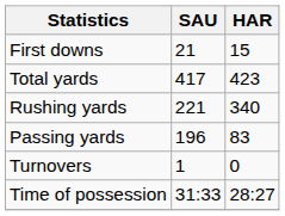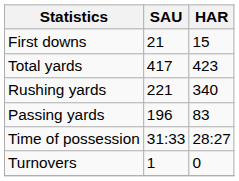 <table class="wikitable" style="float: left;">
 <tr>
 <th>Statistics</th>
 <th>SAU</th>
 <th>HAR</th>
 </tr>
 <tr>
 <td>First downs</td>
 <td>21</td>
 <td>15</td>
 </tr>
 <tr>
 <td>Total yards</td>
 <td>417</td>
 <td>423</td>
 </tr>
 <tr>
 <td>Rushing yards</td>
 <td>221</td>
 <td>340</td>
 </tr>
 <tr>
 <td>Passing yards</td>
 <td>196</td>
 <td>83</td>
 </tr>
 <tr>
+<td>Time of possession</td>
+<td>31:33</td>
+<td>28:27</td>
+</tr>
+<tr>
 <td>Turnovers</td>
 <td>1</td>
 <td>0</td>
 </tr>
 <tr>
-<td>Time of possession</td>
-<td>31:33</td>
-<td>28:27</td>
-</tr>
-<tr>
 </tr>
 </table>
